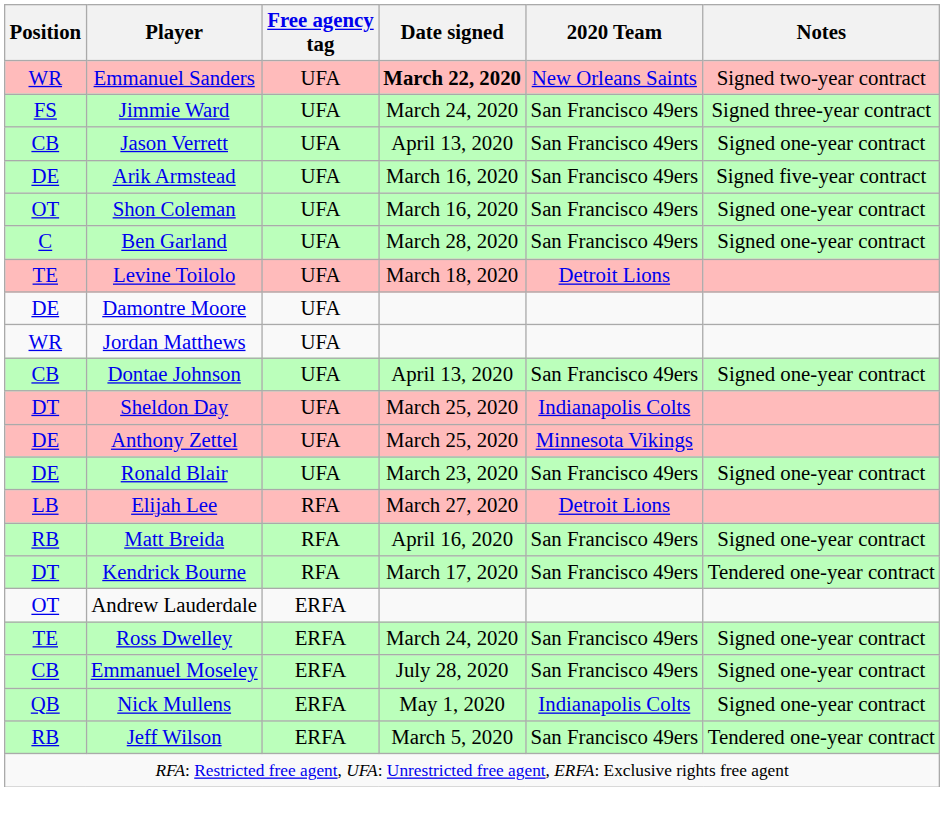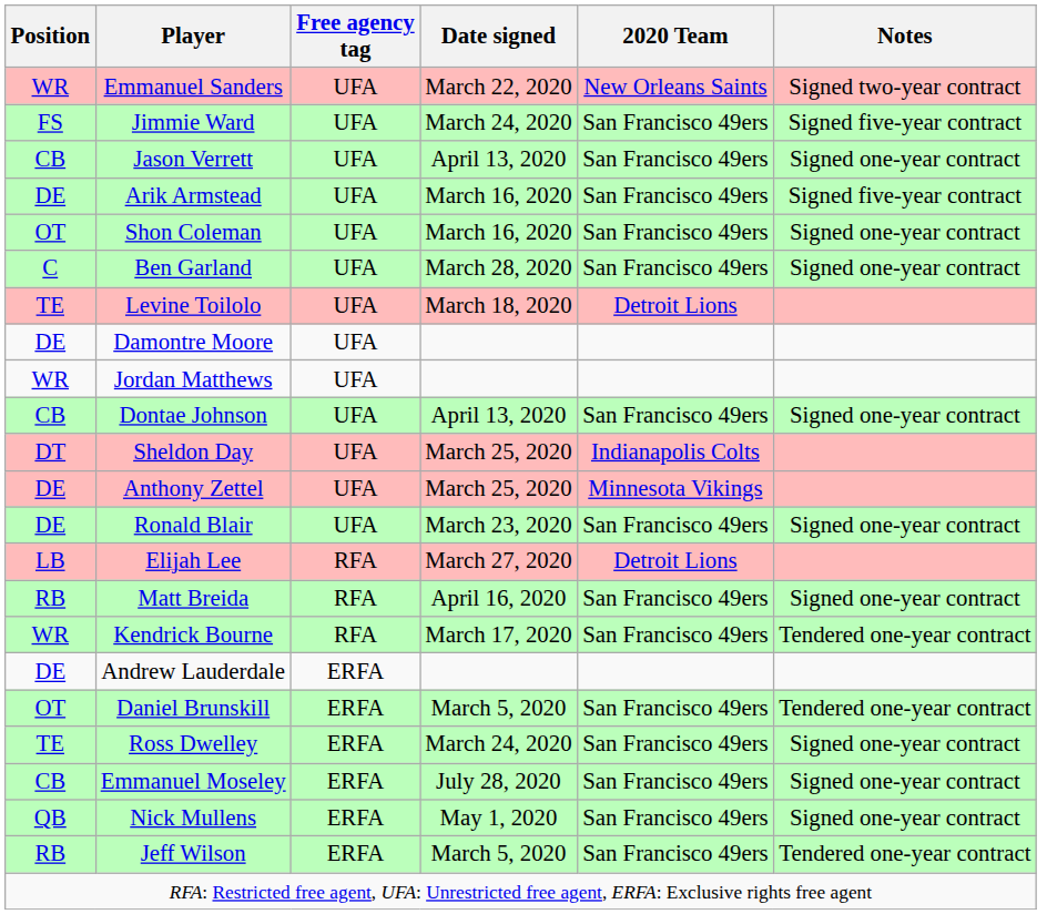 <table class="sortable wikitable" style="text-align:center">
 <tr>
 <th>Position</th>
 <th>Player</th>
 <th><a href='#'><span>Free agency</span></a><br>tag</th>
 <th>Date signed</th>
 <th>2020 Team</th>
 <th>Notes</th>
 </tr>
 <tr style="background:#fbb">
 <td><a href='#'>WR</a></td>
 <td><a href='#'>Emmanuel Sanders</a></td>
 <td>UFA</td>
-<td><strong>March 22, 2020</strong></td>
+<td>March 22, 2020</td>
 <td><a href='#'>New Orleans Saints</a></td>
 <td>Signed two-year contract</td>
 </tr>
 <tr style="background:#bfb">
 <td><a href='#'>FS</a></td>
 <td><a href='#'>Jimmie Ward</a></td>
 <td>UFA</td>
 <td>March 24, 2020</td>
 <td>San Francisco 49ers</td>
-<td>Signed three-year contract</td>
+<td>Signed five-year contract</td>
 </tr>
 <tr style="background:#bfb">
 <td><a href='#'>CB</a></td>
 <td><a href='#'>Jason Verrett</a></td>
 <td>UFA</td>
 <td>April 13, 2020</td>
 <td>San Francisco 49ers</td>
 <td>Signed one-year contract</td>
 </tr>
 <tr style="background:#bfb">
 <td><a href='#'>DE</a></td>
 <td><a href='#'>Arik Armstead</a></td>
 <td>UFA</td>
 <td>March 16, 2020</td>
 <td>San Francisco 49ers</td>
 <td>Signed five-year contract</td>
 </tr>
 <tr style="background:#bfb">
 <td><a href='#'>OT</a></td>
 <td><a href='#'>Shon Coleman</a></td>
 <td>UFA</td>
 <td>March 16, 2020</td>
 <td>San Francisco 49ers</td>
 <td>Signed one-year contract</td>
 </tr>
 <tr style="background:#bfb">
 <td><a href='#'>C</a></td>
 <td><a href='#'>Ben Garland</a></td>
 <td>UFA</td>
 <td>March 28, 2020</td>
 <td>San Francisco 49ers</td>
 <td>Signed one-year contract</td>
 </tr>
 <tr style="background:#fbb">
 <td><a href='#'>TE</a></td>
 <td><a href='#'>Levine Toilolo</a></td>
 <td>UFA</td>
 <td>March 18, 2020</td>
 <td><a href='#'>Detroit Lions</a></td>
 <td></td>
 </tr>
 <tr>
 <td><a href='#'>DE</a></td>
 <td><a href='#'>Damontre Moore</a></td>
 <td>UFA</td>
 <td></td>
 <td></td>
 <td></td>
 </tr>
 <tr>
 <td><a href='#'>WR</a></td>
 <td><a href='#'>Jordan Matthews</a></td>
 <td>UFA</td>
 <td></td>
 <td></td>
 <td></td>
 </tr>
 <tr style="background:#bfb">
 <td><a href='#'>CB</a></td>
 <td><a href='#'>Dontae Johnson</a></td>
 <td>UFA</td>
 <td>April 13, 2020</td>
 <td>San Francisco 49ers</td>
 <td>Signed one-year contract</td>
 </tr>
 <tr style="background:#fbb">
 <td><a href='#'>DT</a></td>
 <td><a href='#'>Sheldon Day</a></td>
 <td>UFA</td>
 <td>March 25, 2020</td>
 <td><a href='#'>Indianapolis Colts</a></td>
 <td></td>
 </tr>
 <tr style="background:#fbb">
 <td><a href='#'>DE</a></td>
 <td><a href='#'>Anthony Zettel</a></td>
 <td>UFA</td>
 <td>March 25, 2020</td>
 <td><a href='#'>Minnesota Vikings</a></td>
 <td></td>
 </tr>
 <tr style="background:#bfb">
 <td><a href='#'>DE</a></td>
 <td><a href='#'>Ronald Blair</a></td>
 <td>UFA</td>
 <td>March 23, 2020</td>
 <td>San Francisco 49ers</td>
 <td>Signed one-year contract</td>
 </tr>
 <tr style="background:#fbb">
 <td><a href='#'>LB</a></td>
 <td><a href='#'>Elijah Lee</a></td>
 <td>RFA</td>
 <td>March 27, 2020</td>
 <td><a href='#'>Detroit Lions</a></td>
 <td></td>
 </tr>
 <tr style="background:#bfb">
 <td><a href='#'>RB</a></td>
 <td><a href='#'>Matt Breida</a></td>
 <td>RFA</td>
 <td>April 16, 2020</td>
 <td>San Francisco 49ers</td>
 <td>Signed one-year contract</td>
 </tr>
 <tr style="background:#bfb">
-<td><a href='#'>DT</a></td>
+<td><a href='#'>WR</a></td>
 <td><a href='#'>Kendrick Bourne</a></td>
 <td>RFA</td>
 <td>March 17, 2020</td>
 <td>San Francisco 49ers</td>
 <td>Tendered one-year contract</td>
 </tr>
 <tr>
-<td><a href='#'>OT</a></td>
+<td><a href='#'>DE</a></td>
 <td>Andrew Lauderdale</td>
 <td>ERFA</td>
 <td></td>
 <td></td>
 <td></td>
+</tr>
+<tr style="background:#bfb">
+<td><a href='#'>OT</a></td>
+<td><a href='#'>Daniel Brunskill</a></td>
+<td>ERFA</td>
+<td>March 5, 2020</td>
+<td>San Francisco 49ers</td>
+<td>Tendered one-year contract</td>
 </tr>
 <tr style="background:#bfb">
 <td><a href='#'>TE</a></td>
 <td><a href='#'>Ross Dwelley</a></td>
 <td>ERFA</td>
 <td>March 24, 2020</td>
 <td>San Francisco 49ers</td>
 <td>Signed one-year contract</td>
 </tr>
 <tr style="background:#bfb">
 <td><a href='#'>CB</a></td>
 <td><a href='#'>Emmanuel Moseley</a></td>
 <td>ERFA</td>
 <td>July 28, 2020</td>
 <td>San Francisco 49ers</td>
 <td>Signed one-year contract</td>
 </tr>
 <tr style="background:#bfb">
 <td><a href='#'>QB</a></td>
 <td><a href='#'>Nick Mullens</a></td>
 <td>ERFA</td>
 <td>May 1, 2020</td>
-<td><a href='#'>Indianapolis Colts</a></td>
+<td>San Francisco 49ers</td>
 <td>Signed one-year contract</td>
 </tr>
 <tr style="background:#bfb">
 <td><a href='#'>RB</a></td>
 <td><a href='#'>Jeff Wilson</a></td>
 <td>ERFA</td>
 <td>March 5, 2020</td>
 <td>San Francisco 49ers</td>
 <td>Tendered one-year contract</td>
 </tr>
 <tr>
 <td colspan="6"><small><em>RFA</em>: <a href='#'>Restricted free agent</a>, <em>UFA</em>: <a href='#'>Unrestricted free agent</a>, <em>ERFA</em>: Exclusive rights free agent</small><br></td>
 </tr>
 </table>
